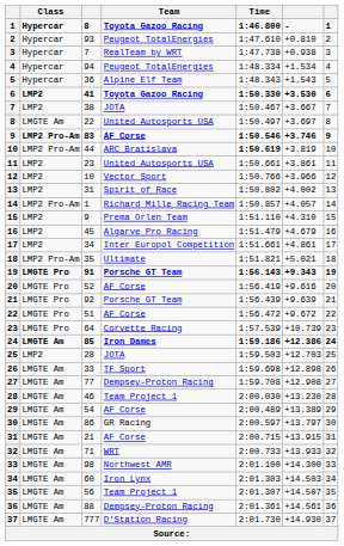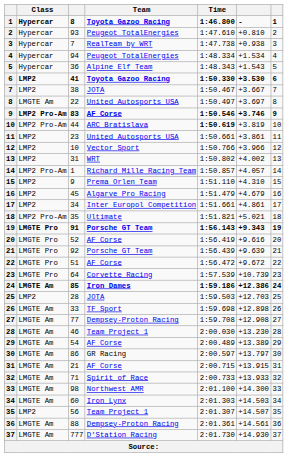 <table class="wikitable" style="font-size:85%;">
 <tr>
 <th></th>
 <th>Class</th>
 <th></th>
 <th>Team</th>
 <th>Time</th>
 <th></th>
 <th></th>
 </tr>
 <tr style="font-weight:bold">
 <th>1</th>
 <td>Hypercar</td>
 <td>8</td>
 <td> <a href='#'>Toyota Gazoo Racing</a></td>
 <td>1:46.800</td>
 <td>-</td>
 <td>1</td>
 </tr>
 <tr>
 <th>2</th>
 <td>Hypercar</td>
 <td>93</td>
 <td> <a href='#'>Peugeot TotalEnergies</a></td>
 <td>1:47.610</td>
 <td>+0.810</td>
 <td>2</td>
 </tr>
 <tr>
 <th>3</th>
 <td>Hypercar</td>
 <td>7</td>
 <td> <a href='#'>RealTeam by WRT</a></td>
 <td>1:47.738</td>
 <td>+0.938</td>
 <td>3</td>
 </tr>
 <tr>
 <th>4</th>
 <td>Hypercar</td>
 <td>94</td>
 <td> <a href='#'>Peugeot TotalEnergies</a></td>
 <td>1:48.334</td>
 <td>+1.534</td>
 <td>4</td>
 </tr>
 <tr>
 <th>5</th>
 <td>Hypercar</td>
 <td>36</td>
 <td> <a href='#'>Alpine Elf Team</a></td>
 <td>1:48.343</td>
 <td>+1.543</td>
 <td>5</td>
 </tr>
 <tr style="font-weight:bold;">
 <th>6</th>
 <td>LMP2</td>
 <td>41</td>
 <td> <a href='#'>Toyota Gazoo Racing</a></td>
 <td>1:50.330</td>
 <td>+3.530</td>
 <td>6</td>
 </tr>
 <tr>
 <th>7</th>
 <td>LMP2</td>
 <td>38</td>
 <td> <a href='#'>JOTA</a></td>
 <td>1:50.467</td>
 <td>+3.667</td>
 <td>7</td>
 </tr>
 <tr>
 <th>8</th>
 <td>LMGTE Am</td>
 <td>22</td>
 <td> <a href='#'>United Autosports USA</a></td>
 <td>1:50.497</td>
 <td>+3.697</td>
 <td>8</td>
 </tr>
 <tr>
 <th><strong>9</strong></th>
 <td><strong>LMP2 Pro-Am</strong></td>
 <td><strong>83</strong></td>
 <td><strong> <a href='#'>AF Corse</a></strong></td>
 <td><strong>1:50.546</strong></td>
 <td><strong>+3.746</strong></td>
 <td><strong>9</strong></td>
 </tr>
 <tr>
 <th>10</th>
 <td>LMP2 Pro-Am</td>
 <td>44</td>
 <td> <a href='#'>ARC Bratislava</a></td>
 <td><strong>1:50.619</strong></td>
 <td>+3.819</td>
 <td>10</td>
 </tr>
 <tr>
 <th>11</th>
 <td>LMP2</td>
 <td>23</td>
 <td> <a href='#'>United Autosports USA</a></td>
 <td>1:50.661</td>
 <td>+3.861</td>
 <td>11</td>
 </tr>
 <tr>
 <th>12</th>
 <td>LMP2</td>
 <td>10</td>
 <td> <a href='#'>Vector Sport</a></td>
 <td>1:50.766</td>
 <td>+3.966</td>
 <td>12</td>
 </tr>
 <tr>
 <th>13</th>
 <td>LMP2</td>
 <td>31</td>
-<td> <a href='#'>Spirit of Race</a></td>
+<td> <a href='#'>WRT</a></td>
 <td>1:50.802</td>
 <td>+4.002</td>
 <td>13</td>
 </tr>
 <tr>
 <th>14</th>
 <td>LMP2 Pro-Am</td>
 <td>1</td>
 <td> <a href='#'>Richard Mille Racing Team</a></td>
 <td>1:50.857</td>
 <td>+4.057</td>
 <td>14</td>
 </tr>
 <tr>
 <th>15</th>
 <td>LMP2</td>
 <td>9</td>
 <td> <a href='#'>Prema Orlen Team</a></td>
 <td>1:51.110</td>
 <td>+4.310</td>
 <td>15</td>
 </tr>
 <tr>
 <th>16</th>
 <td>LMP2</td>
 <td>45</td>
 <td> <a href='#'>Algarve Pro Racing</a></td>
 <td>1:51.479</td>
 <td>+4.679</td>
 <td>16</td>
 </tr>
 <tr>
 <th>17</th>
 <td>LMP2</td>
 <td>34</td>
 <td> <a href='#'>Inter Europol Competition</a></td>
 <td>1:51.661</td>
 <td>+4.861</td>
 <td>17</td>
 </tr>
 <tr>
 <th>18</th>
 <td>LMP2 Pro-Am</td>
 <td>35</td>
 <td> <a href='#'>Ultimate</a></td>
 <td>1:51.821</td>
 <td>+5.021</td>
 <td>18</td>
 </tr>
 <tr style="font-weight:bold;">
 <th>19</th>
 <td>LMGTE Pro</td>
 <td>91</td>
 <td> <a href='#'>Porsche GT Team</a></td>
 <td>1:56.143</td>
 <td>+9.343</td>
 <td>19</td>
 </tr>
 <tr>
 <th>20</th>
 <td>LMGTE Pro</td>
 <td>52</td>
 <td> <a href='#'>AF Corse</a></td>
 <td>1:56.419</td>
 <td>+9.616</td>
 <td>20</td>
 </tr>
 <tr>
 <th>21</th>
 <td>LMGTE Pro</td>
 <td>92</td>
 <td> <a href='#'>Porsche GT Team</a></td>
 <td>1:56.439</td>
 <td>+9.639</td>
 <td>21</td>
 </tr>
 <tr>
 <th>22</th>
 <td>LMGTE Pro</td>
 <td>51</td>
 <td> <a href='#'>AF Corse</a></td>
 <td>1:56.472</td>
 <td>+9.672</td>
 <td>22</td>
 </tr>
 <tr>
 <th>23</th>
 <td>LMGTE Pro</td>
 <td>64</td>
 <td> <a href='#'>Corvette Racing</a></td>
 <td>1:57.539</td>
 <td>+10.739</td>
 <td>23</td>
 </tr>
 <tr style="font-weight:bold;">
 <th>24</th>
 <td>LMGTE Am</td>
 <td>85</td>
 <td> <a href='#'>Iron Dames</a></td>
 <td>1:59.186</td>
 <td>+12.386</td>
 <td>24</td>
 </tr>
 <tr>
 <th>25</th>
 <td>LMP2</td>
 <td>28</td>
 <td> <a href='#'>JOTA</a></td>
 <td>1:59.503</td>
 <td>+12.703</td>
 <td>25</td>
 </tr>
 <tr>
 <th>26</th>
 <td>LMGTE Am</td>
 <td>33</td>
 <td> <a href='#'>TF Sport</a></td>
 <td>1:59.698</td>
 <td>+12.898</td>
 <td>26</td>
 </tr>
 <tr>
 <th>27</th>
 <td>LMGTE Am</td>
 <td>77</td>
 <td> <a href='#'>Dempsey-Proton Racing</a></td>
 <td>1:59.708</td>
 <td>+12.908</td>
 <td>27</td>
 </tr>
 <tr>
 <th>28</th>
 <td>LMGTE Am</td>
 <td>46</td>
 <td> <a href='#'>Team Project 1</a></td>
 <td>2:00.030</td>
 <td>+13.230</td>
 <td>28</td>
 </tr>
 <tr>
 <th>29</th>
 <td>LMGTE Am</td>
 <td>54</td>
 <td> <a href='#'>AF Corse</a></td>
 <td>2:00.489</td>
 <td>+13.389</td>
 <td>29</td>
 </tr>
 <tr>
 <th>30</th>
 <td>LMGTE Am</td>
 <td>86</td>
 <td> GR Racing</td>
 <td>2:00.597</td>
 <td>+13.797</td>
 <td>30</td>
 </tr>
 <tr>
 <th>31</th>
 <td>LMGTE Am</td>
 <td>21</td>
 <td> <a href='#'>AF Corse</a></td>
 <td>2:00.715</td>
 <td>+13.915</td>
 <td>31</td>
 </tr>
 <tr>
 <th>32</th>
 <td>LMGTE Am</td>
 <td>71</td>
-<td> <a href='#'>WRT</a></td>
+<td> <a href='#'>Spirit of Race</a></td>
 <td>2:00.733</td>
 <td>+13.933</td>
 <td>32</td>
 </tr>
 <tr>
 <th>33</th>
 <td>LMGTE Am</td>
 <td>98</td>
 <td> <a href='#'>Northwest AMR</a></td>
 <td>2:01.100</td>
 <td>+14.300</td>
 <td>33</td>
 </tr>
 <tr>
 <th>34</th>
 <td>LMGTE Am</td>
 <td>60</td>
 <td> <a href='#'>Iron Lynx</a></td>
 <td>2:01.303</td>
 <td>+14.503</td>
 <td>34</td>
 </tr>
 <tr>
 <th>35</th>
-<td>LMGTE Am</td>
+<td>LMP2</td>
 <td>56</td>
 <td> <a href='#'>Team Project 1</a></td>
 <td>2:01.307</td>
 <td>+14.507</td>
 <td>35</td>
 </tr>
 <tr>
 <th>36</th>
 <td>LMGTE Am</td>
 <td>88</td>
 <td> <a href='#'>Dempsey-Proton Racing</a></td>
 <td>2:01.361</td>
 <td>+14.561</td>
 <td>36</td>
 </tr>
 <tr>
 <th>37</th>
 <td>LMGTE Am</td>
 <td>777</td>
 <td> <a href='#'>D'Station Racing</a></td>
 <td>2:01.730</td>
 <td>+14.930</td>
 <td>37</td>
 </tr>
 <tr>
 <th colspan="7">Source:</th>
 </tr>
 </table>
